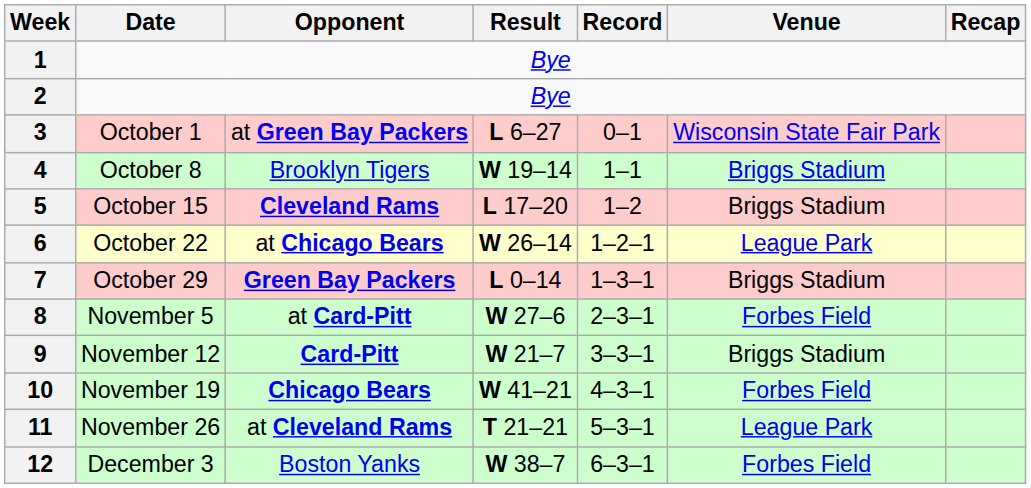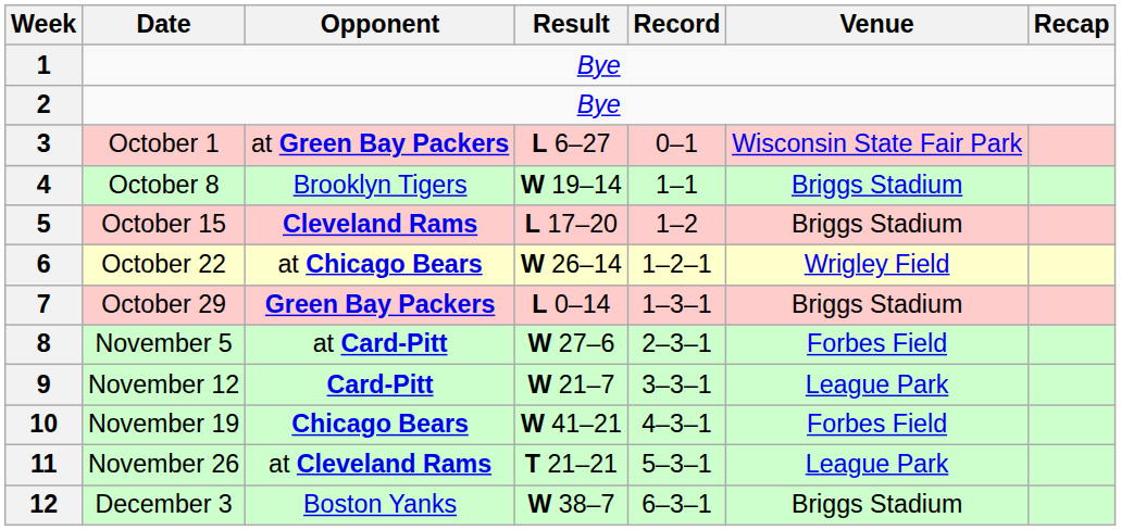 <table class="wikitable" style="text-align:center">
 <tr>
 <th>Week</th>
 <th>Date</th>
 <th>Opponent</th>
 <th>Result</th>
 <th>Record</th>
 <th>Venue</th>
 <th>Recap</th>
 </tr>
 <tr>
 <th>1</th>
 <td colspan="6"><em><a href='#'>Bye</a></em></td>
 </tr>
 <tr>
 <th>2</th>
 <td colspan="6"><em><a href='#'>Bye</a></em></td>
 </tr>
 <tr style="background:#fcc">
 <th>3</th>
 <td>October 1</td>
 <td>at <strong><a href='#'>Green Bay Packers</a></strong></td>
 <td><strong>L</strong> 6–27</td>
 <td>0–1</td>
 <td><a href='#'>Wisconsin State Fair Park</a></td>
 <td></td>
 </tr>
 <tr style="background:#cfc">
 <th>4</th>
 <td>October 8</td>
 <td><a href='#'>Brooklyn Tigers</a></td>
 <td><strong>W</strong> 19–14</td>
 <td>1–1</td>
 <td><a href='#'>Briggs Stadium</a></td>
 <td></td>
 </tr>
 <tr style="background:#fcc">
 <th>5</th>
 <td>October 15</td>
 <td><strong><a href='#'>Cleveland Rams</a></strong></td>
 <td><strong>L</strong> 17–20</td>
 <td>1–2</td>
 <td>Briggs Stadium</td>
 <td></td>
 </tr>
 <tr style="background:#ffc">
 <th>6</th>
 <td>October 22</td>
 <td>at <strong><a href='#'>Chicago Bears</a></strong></td>
 <td><strong>W</strong> 26–14</td>
 <td>1–2–1</td>
-<td><a href='#'>League Park</a></td>
+<td><a href='#'>Wrigley Field</a></td>
 <td></td>
 </tr>
 <tr style="background:#fcc">
 <th>7</th>
 <td>October 29</td>
 <td><strong><a href='#'>Green Bay Packers</a></strong></td>
 <td><strong>L</strong> 0–14</td>
 <td>1–3–1</td>
 <td>Briggs Stadium</td>
 <td></td>
 </tr>
 <tr style="background:#cfc">
 <th>8</th>
 <td>November 5</td>
 <td>at <strong><a href='#'>Card-Pitt</a></strong></td>
 <td><strong>W</strong> 27–6</td>
 <td>2–3–1</td>
 <td><a href='#'>Forbes Field</a></td>
 <td></td>
 </tr>
 <tr style="background:#cfc">
 <th>9</th>
 <td>November 12</td>
 <td><strong><a href='#'>Card-Pitt</a></strong></td>
 <td><strong>W</strong> 21–7</td>
 <td>3–3–1</td>
-<td>Briggs Stadium</td>
+<td><a href='#'>League Park</a></td>
 <td></td>
 </tr>
 <tr style="background:#cfc">
 <th>10</th>
 <td>November 19</td>
 <td><strong><a href='#'>Chicago Bears</a></strong></td>
 <td><strong>W</strong> 41–21</td>
 <td>4–3–1</td>
 <td><a href='#'>Forbes Field</a></td>
 <td></td>
 </tr>
 <tr style="background:#cfc">
 <th>11</th>
 <td>November 26</td>
 <td>at <strong><a href='#'>Cleveland Rams</a></strong></td>
 <td><strong>T</strong> 21–21</td>
 <td>5–3–1</td>
 <td><a href='#'>League Park</a></td>
 <td></td>
 </tr>
 <tr style="background:#cfc">
 <th>12</th>
 <td>December 3</td>
 <td><a href='#'>Boston Yanks</a></td>
 <td><strong>W</strong> 38–7</td>
 <td>6–3–1</td>
-<td><a href='#'>Forbes Field</a></td>
+<td>Briggs Stadium</td>
 <td></td>
 </tr>
 </table>
